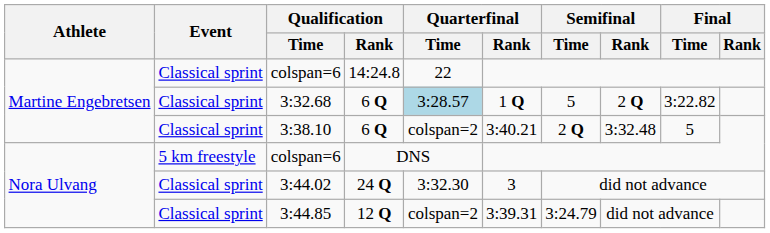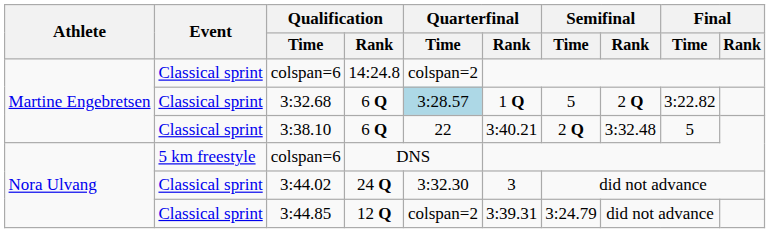 <table class="wikitable" style="font-size:90%">
 <tr>
 <th rowspan="2">Athlete</th>
 <th rowspan="2">Event</th>
 <th colspan="2">Qualification</th>
 <th colspan="2">Quarterfinal</th>
 <th colspan="2">Semifinal</th>
 <th colspan="2">Final</th>
 </tr>
 <tr style="font-size:95%">
 <th>Time</th>
 <th>Rank</th>
 <th>Time</th>
 <th>Rank</th>
 <th>Time</th>
 <th>Rank</th>
 <th>Time</th>
 <th>Rank</th>
 </tr>
 <tr align=center>
 <td align=left rowspan=3><a href='#'>Martine Engebretsen</a></td>
 <td align=left><a href='#'>Classical sprint</a></td>
 <td>colspan=6 </td>
 <td>14:24.8</td>
-<td>22</td>
+<td>colspan=2 </td>
 </tr>
 <tr align=center>
 <td align=left><a href='#'>Classical sprint</a></td>
 <td>3:32.68</td>
 <td>6 <strong>Q</strong></td>
 <td style="background: lightblue;">3:28.57</td>
 <td>1 <strong>Q</strong></td>
 <td>5</td>
 <td>2 <strong>Q</strong></td>
 <td>3:22.82</td>
 <td></td>
 </tr>
 <tr align=center>
 <td align=left><a href='#'>Classical sprint</a></td>
 <td>3:38.10</td>
 <td>6 <strong>Q</strong></td>
-<td>colspan=2 </td>
+<td>22</td>
 <td>3:40.21</td>
 <td>2 <strong>Q</strong></td>
 <td>3:32.48</td>
 <td>5</td>
 </tr>
 <tr align=center>
 <td align=left rowspan=3><a href='#'>Nora Ulvang</a></td>
 <td align=left><a href='#'>5 km freestyle</a></td>
 <td>colspan=6 </td>
 <td colspan=2>DNS</td>
 </tr>
 <tr align=center>
 <td align=left><a href='#'>Classical sprint</a></td>
 <td>3:44.02</td>
 <td>24 <strong>Q</strong></td>
 <td>3:32.30</td>
 <td>3</td>
 <td colspan=4>did not advance</td>
 </tr>
 <tr align=center>
 <td align=left><a href='#'>Classical sprint</a></td>
 <td>3:44.85</td>
 <td>12 <strong>Q</strong></td>
 <td>colspan=2 </td>
 <td>3:39.31</td>
 <td>3:24.79</td>
 <td colspan=2>did not advance</td>
 </tr>
 </table>
